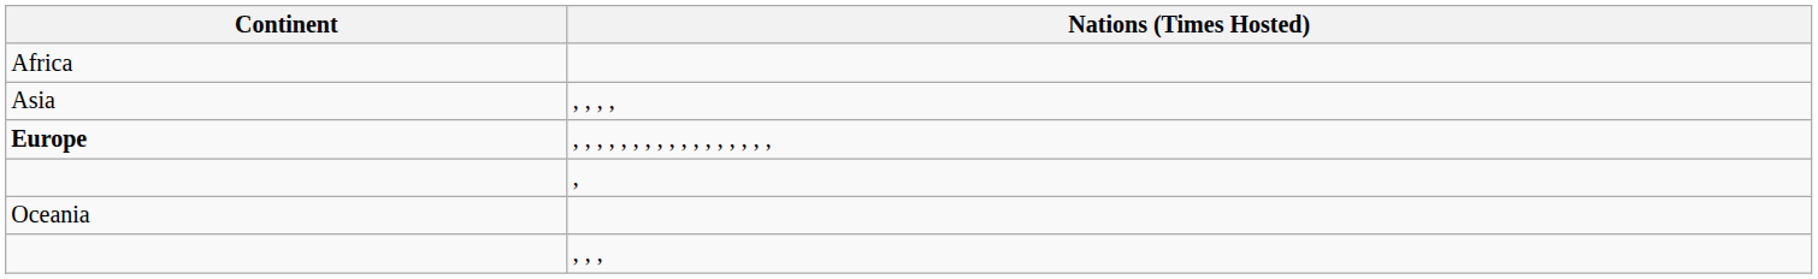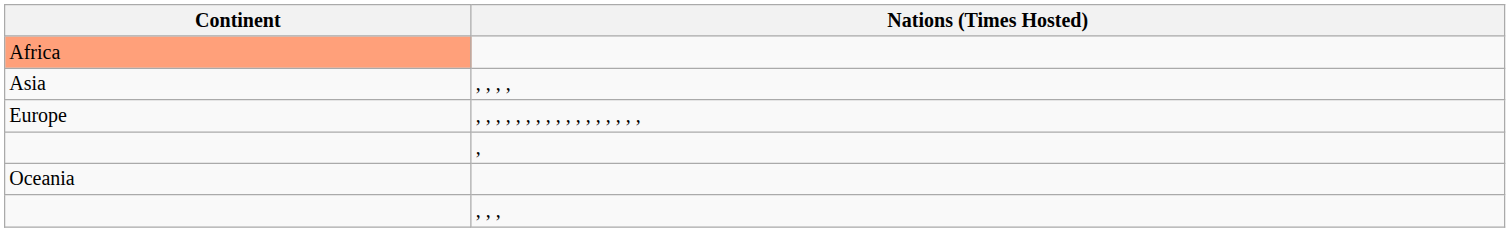 <table class="wikitable" style="width:95%">
 <tr>
 <th>Continent</th>
 <th>Nations (Times Hosted)</th>
 </tr>
 <tr>
-<td>Africa</td>
+<td style="background: lightsalmon;">Africa</td>
 <td></td>
 </tr>
 <tr>
 <td>Asia</td>
 <td>, , , , </td>
 </tr>
 <tr>
-<td><strong>Europe</strong></td>
+<td>Europe</td>
 <td>, , , , , , , , , , , , , , , , , </td>
 </tr>
 <tr>
 <td></td>
 <td>, </td>
 </tr>
 <tr>
 <td>Oceania</td>
 <td></td>
 </tr>
 <tr>
 <td></td>
 <td>, , , </td>
 </tr>
 </table>
